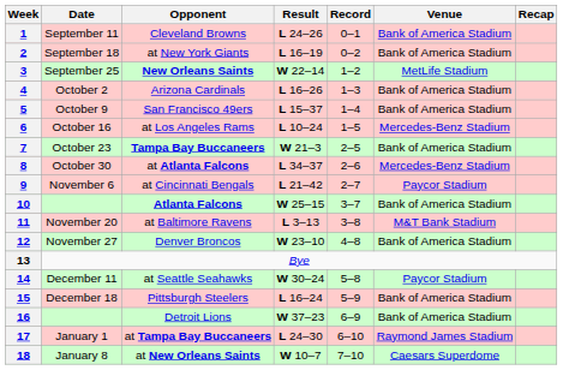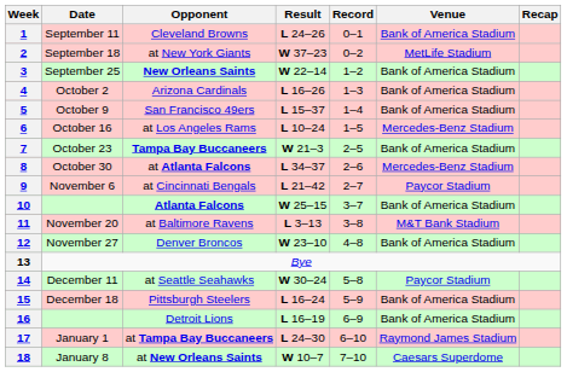 <table class="wikitable" style="text-align:center">
 <tr>
 <th>Week</th>
 <th>Date</th>
 <th>Opponent</th>
 <th>Result</th>
 <th>Record</th>
 <th>Venue</th>
 <th>Recap</th>
 </tr>
 <tr style="background:#fcc">
 <th><a href='#'>1</a></th>
 <td>September 11</td>
 <td><a href='#'>Cleveland Browns</a></td>
 <td><strong>L</strong> 24–26</td>
 <td>0–1</td>
 <td><a href='#'>Bank of America Stadium</a></td>
 <td></td>
 </tr>
 <tr style="background:#fcc">
 <th><a href='#'>2</a></th>
 <td>September 18</td>
 <td>at <a href='#'>New York Giants</a></td>
-<td><strong>L</strong> 16–19</td>
+<td><strong>W</strong> 37–23</td>
 <td>0–2</td>
-<td>Bank of America Stadium</td>
+<td><a href='#'>MetLife Stadium</a></td>
 <td></td>
 </tr>
 <tr style="background:#cfc">
 <th><a href='#'>3</a></th>
 <td>September 25</td>
 <td><strong><a href='#'>New Orleans Saints</a></strong></td>
 <td><strong>W</strong> 22–14</td>
 <td>1–2</td>
-<td><a href='#'>MetLife Stadium</a></td>
+<td>Bank of America Stadium</td>
 <td></td>
 </tr>
 <tr style="background:#fcc">
 <th><a href='#'>4</a></th>
 <td>October 2</td>
 <td><a href='#'>Arizona Cardinals</a></td>
 <td><strong>L</strong> 16–26</td>
 <td>1–3</td>
 <td>Bank of America Stadium</td>
 <td></td>
 </tr>
 <tr style="background:#fcc">
 <th><a href='#'>5</a></th>
 <td>October 9</td>
 <td><a href='#'>San Francisco 49ers</a></td>
 <td><strong>L</strong> 15–37</td>
 <td>1–4</td>
 <td>Bank of America Stadium</td>
 <td></td>
 </tr>
 <tr style="background:#fcc">
 <th><a href='#'>6</a></th>
 <td>October 16</td>
 <td>at <a href='#'>Los Angeles Rams</a></td>
 <td><strong>L</strong> 10–24</td>
 <td>1–5</td>
 <td><a href='#'>Mercedes-Benz Stadium</a></td>
 <td></td>
 </tr>
 <tr style="background:#cfc">
 <th><a href='#'>7</a></th>
 <td>October 23</td>
 <td><strong><a href='#'>Tampa Bay Buccaneers</a></strong></td>
 <td><strong>W</strong> 21–3</td>
 <td>2–5</td>
 <td>Bank of America Stadium</td>
 <td></td>
 </tr>
 <tr style="background:#fcc">
 <th><a href='#'>8</a></th>
 <td>October 30</td>
 <td>at <strong><a href='#'>Atlanta Falcons</a></strong></td>
 <td><strong>L</strong> 34–37 </td>
 <td>2–6</td>
 <td><a href='#'>Mercedes-Benz Stadium</a></td>
 <td></td>
 </tr>
 <tr style="background:#fcc">
 <th><a href='#'>9</a></th>
 <td>November 6</td>
 <td>at <a href='#'>Cincinnati Bengals</a></td>
 <td><strong>L</strong> 21–42</td>
 <td>2–7</td>
 <td><a href='#'>Paycor Stadium</a></td>
 <td></td>
 </tr>
 <tr style="background:#cfc">
 <th><a href='#'>10</a></th>
 <td></td>
 <td><strong><a href='#'>Atlanta Falcons</a></strong></td>
 <td><strong>W</strong> 25–15</td>
 <td>3–7</td>
 <td>Bank of America Stadium</td>
 <td></td>
 </tr>
 <tr style="background:#fcc">
 <th><a href='#'>11</a></th>
 <td>November 20</td>
 <td>at <a href='#'>Baltimore Ravens</a></td>
 <td><strong>L</strong> 3–13</td>
 <td>3–8</td>
 <td><a href='#'>M&T Bank Stadium</a></td>
 <td></td>
 </tr>
 <tr style="background:#cfc">
 <th><a href='#'>12</a></th>
 <td>November 27</td>
 <td><a href='#'>Denver Broncos</a></td>
 <td><strong>W</strong> 23–10</td>
 <td>4–8</td>
 <td>Bank of America Stadium</td>
 <td></td>
 </tr>
 <tr>
 <th>13</th>
 <td colspan="6"><em><a href='#'>Bye</a></em></td>
 </tr>
 <tr style="background:#cfc">
 <th><a href='#'>14</a></th>
 <td>December 11</td>
 <td>at <a href='#'>Seattle Seahawks</a></td>
 <td><strong>W</strong> 30–24</td>
 <td>5–8</td>
 <td><a href='#'>Paycor Stadium</a></td>
 <td></td>
 </tr>
 <tr style="background:#fcc">
 <th><a href='#'>15</a></th>
 <td>December 18</td>
 <td><a href='#'>Pittsburgh Steelers</a></td>
 <td><strong>L</strong> 16–24</td>
 <td>5–9</td>
 <td>Bank of America Stadium</td>
 <td></td>
 </tr>
 <tr style="background:#cfc">
 <th><a href='#'>16</a></th>
 <td></td>
 <td><a href='#'>Detroit Lions</a></td>
-<td><strong>W</strong> 37–23</td>
+<td><strong>L</strong> 16–19</td>
 <td>6–9</td>
 <td>Bank of America Stadium</td>
 <td></td>
 </tr>
 <tr style="background:#fcc">
 <th><a href='#'>17</a></th>
 <td>January 1</td>
 <td>at <strong><a href='#'>Tampa Bay Buccaneers</a></strong></td>
 <td><strong>L</strong> 24–30</td>
 <td>6–10</td>
 <td><a href='#'>Raymond James Stadium</a></td>
 <td></td>
 </tr>
 <tr style="background:#cfc">
 <th><a href='#'>18</a></th>
 <td>January 8</td>
 <td>at <strong><a href='#'>New Orleans Saints</a></strong></td>
 <td><strong>W</strong> 10–7</td>
 <td>7–10</td>
 <td><a href='#'>Caesars Superdome</a></td>
 <td></td>
 </tr>
 </table>
